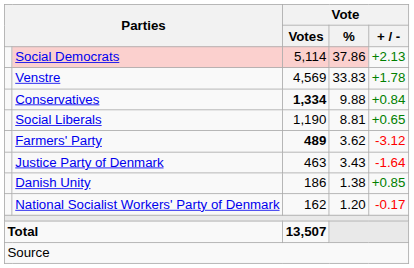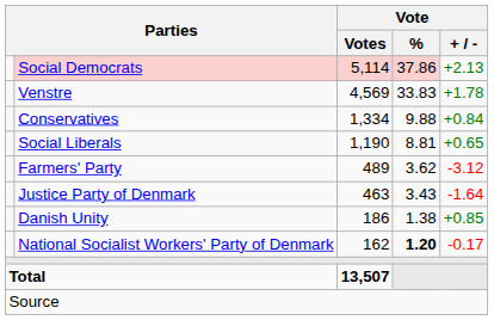 <table class="wikitable" style="text-align:right;">
 <tr>
 <th style="text-align:centre;" rowspan="2" colspan="2" width="225">Parties</th>
 <th colspan="3">Vote</th>
 </tr>
 <tr>
 <th width="15">Votes</th>
 <th width="15">%</th>
 <th width="15">+ / -</th>
 </tr>
 <tr>
 <td width="2" style="color:inherit;background:"></td>
 <td bgcolor=#fbd0ce  align="left"><a href='#'>Social Democrats</a></td>
 <td bgcolor=#fbd0ce>5,114</td>
 <td bgcolor=#fbd0ce>37.86</td>
 <td style=color:green;>+2.13</td>
 </tr>
 <tr>
 <td width="2" style="color:inherit;background:"></td>
 <td align="left"><a href='#'>Venstre</a></td>
 <td>4,569</td>
 <td>33.83</td>
 <td style=color:green;>+1.78</td>
 </tr>
 <tr>
 <td width="2" style="color:inherit;background:"></td>
 <td align="left"><a href='#'>Conservatives</a></td>
-<td><strong>1,334</strong></td>
+<td>1,334</td>
 <td>9.88</td>
 <td style=color:green;>+0.84</td>
 </tr>
 <tr>
 <td width="2" style="color:inherit;background:"></td>
 <td align="left"><a href='#'>Social Liberals</a></td>
 <td>1,190</td>
 <td>8.81</td>
 <td style=color:green;>+0.65</td>
 </tr>
 <tr>
 <td width="2" style="color:inherit;background:"></td>
 <td align="left"><a href='#'>Farmers' Party</a></td>
-<td><strong>489</strong></td>
+<td>489</td>
 <td>3.62</td>
 <td style=color:red;>-3.12</td>
 </tr>
 <tr>
 <td width="2" style="color:inherit;background:"></td>
 <td align="left"><a href='#'>Justice Party of Denmark</a></td>
 <td>463</td>
 <td>3.43</td>
 <td style=color:red;>-1.64</td>
 </tr>
 <tr>
 <td width="2" style="color:inherit;background:"></td>
 <td align="left"><a href='#'>Danish Unity</a></td>
 <td>186</td>
 <td>1.38</td>
 <td style=color:green;>+0.85</td>
 </tr>
 <tr>
 <td width="2" style="color:inherit;background:"></td>
 <td align="left"><a href='#'>National Socialist Workers' Party of Denmark</a></td>
 <td>162</td>
-<td>1.20</td>
+<td><strong>1.20</strong></td>
 <td style=color:red;>-0.17</td>
 </tr>
 <tr>
 <td colspan="7" bgcolor="#E9E9E9"></td>
 </tr>
 <tr>
 <td align="left" colspan="2"><strong>Total</strong></td>
 <td><strong>13,507</strong></td>
 <td bgcolor="#E9E9E9" colspan="2"></td>
 </tr>
 <tr>
 <td align="left" colspan="6">Source</td>
 </tr>
 </table>
